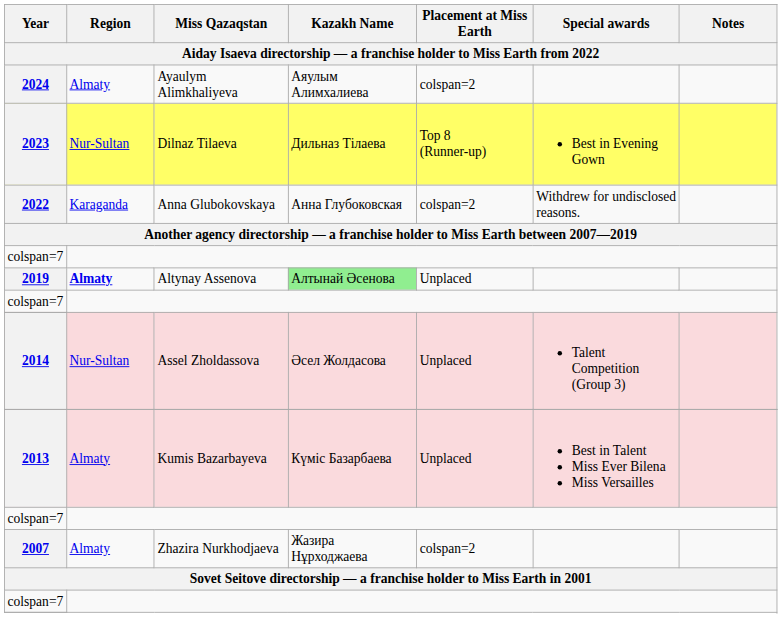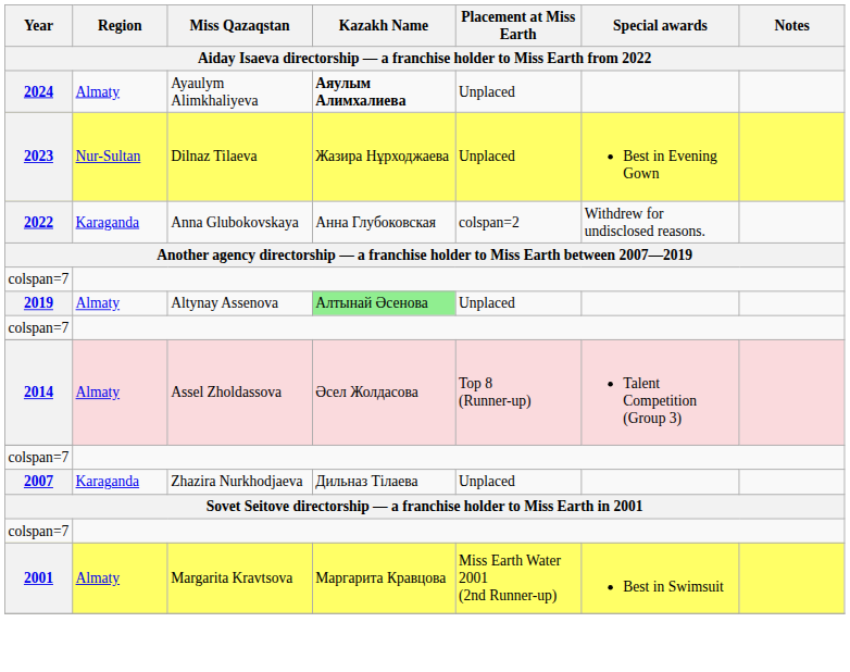 <table class="wikitable " style="font-size: 95%;">
 <tr>
 <th width="60">Year</th>
 <th width="150">Region</th>
 <th width="250">Miss Qazaqstan</th>
 <th width="250">Kazakh Name</th>
 <th width="250">Placement at Miss Earth</th>
 <th width="250">Special awards</th>
 <th width="250">Notes</th>
 </tr>
 <tr>
 <th colspan="7">Aiday Isaeva directorship — a franchise holder to Miss Earth from 2022</th>
 </tr>
 <tr>
 <th><a href='#'>2024</a></th>
 <td><a href='#'>Almaty</a></td>
 <td>Ayaulym Alimkhaliyeva</td>
-<td>Аяулым Алимхалиева</td>
-<td>colspan=2 </td>
+<td><strong>Аяулым Алимхалиева</strong></td>
+<td>Unplaced</td>
 <td></td>
 </tr>
 <tr style="background-color:#FFFF66;">
 <th><a href='#'>2023</a></th>
 <td><a href='#'>Nur-Sultan</a></td>
 <td>Dilnaz Tilaeva</td>
-<td>Дильназ Тілаева</td>
-<td>Top 8<br>(Runner-up)</td>
+<td>Жазира Нұрходжаева</td>
+<td>Unplaced</td>
 <td align="left"><br><ul><li>Best in Evening Gown</li></ul></td>
 <td></td>
 </tr>
 <tr>
 <th><a href='#'>2022</a></th>
 <td><a href='#'>Karaganda</a></td>
 <td>Anna Glubokovskaya</td>
 <td>Анна Глубоковская</td>
 <td>colspan=2 </td>
 <td>Withdrew for undisclosed reasons.</td>
 </tr>
 <tr>
 <th colspan="7">Another agency directorship — a franchise holder to Miss Earth between 2007―2019</th>
 </tr>
 <tr>
 <td>colspan=7 </td>
 </tr>
 <tr>
 <th><a href='#'>2019</a></th>
-<td><strong><a href='#'>Almaty</a></strong></td>
+<td><a href='#'>Almaty</a></td>
 <td>Altynay Assenova</td>
 <td style="background: lightgreen;">Алтынай Әсенова</td>
 <td>Unplaced</td>
 <td></td>
 <td></td>
 </tr>
 <tr>
 <td>colspan=7 </td>
 </tr>
 <tr>
 </tr>
 <tr style="background-color:#FADADD; ">
 <th><a href='#'>2014</a></th>
-<td><a href='#'>Nur-Sultan</a></td>
+<td><a href='#'>Almaty</a></td>
 <td>Assel Zholdassova</td>
 <td>Әсел Жолдасова</td>
-<td>Unplaced</td>
+<td>Top 8<br>(Runner-up)</td>
 <td align="left"><br><ul><li> Talent Competition (Group 3)</li></ul></td>
 <td></td>
 </tr>
 <tr>
-</tr>
-<tr style="background-color:#FADADD; ">
-<th><a href='#'>2013</a></th>
-<td><a href='#'>Almaty</a></td>
-<td>Kumis Bazarbayeva</td>
-<td>Күміс Базарбаева</td>
-<td>Unplaced</td>
-<td align="left"><br><ul><li>Best in Talent</li><li>Miss Ever Bilena</li><li>Miss Versailles</li></ul></td>
-<td></td>
 </tr>
 <tr>
 <td>colspan=7 </td>
 </tr>
 <tr>
 <th><a href='#'>2007</a></th>
-<td><a href='#'>Almaty</a></td>
+<td><a href='#'>Karaganda</a></td>
 <td>Zhazira Nurkhodjaeva</td>
-<td>Жазира Нұрходжаева</td>
-<td>colspan=2 </td>
+<td>Дильназ Тілаева</td>
+<td>Unplaced</td>
 <td></td>
 <td></td>
 </tr>
 <tr>
 <th colspan="7">Sovet Seitove directorship — a franchise holder to Miss Earth in 2001</th>
 </tr>
 <tr>
 <td>colspan=7 </td>
 </tr>
+<tr style="background-color:#FFFF66;">
+<th><a href='#'>2001</a></th>
+<td><a href='#'>Almaty</a></td>
+<td>Margarita Kravtsova</td>
+<td>Маргарита Кравцова</td>
+<td>Miss Earth Water 2001<br>(2nd Runner-up)</td>
+<td align="left"><br><ul><li>Best in Swimsuit</li></ul></td>
+<td></td>
+</tr>
 <tr>
 </tr>
 </table>
